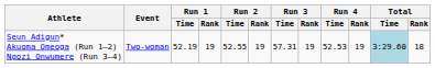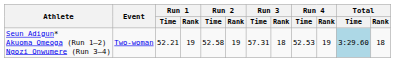 <table class="wikitable" style="font-size:90%">
 <tr>
 <th rowspan="2">Athlete</th>
 <th rowspan="2">Event</th>
 <th colspan="2">Run 1</th>
 <th colspan="2">Run 2</th>
 <th colspan="2">Run 3</th>
 <th colspan="2">Run 4</th>
 <th colspan="2">Total</th>
 </tr>
 <tr style="font-size:95%">
 <th>Time</th>
 <th>Rank</th>
 <th>Time</th>
 <th>Rank</th>
 <th>Time</th>
 <th>Rank</th>
 <th>Time</th>
 <th>Rank</th>
 <th>Time</th>
 <th>Rank</th>
 </tr>
 <tr align=center>
 <td align=left><a href='#'>Seun Adigun</a>*<br><a href='#'>Akuoma Omeoga</a> (Run 1–2)<br><a href='#'>Ngozi Onwumere</a> (Run 3–4)</td>
 <td align=left><a href='#'>Two-woman</a></td>
-<td>52.19</td>
+<td>52.21</td>
 <td>19</td>
-<td>52.55</td>
+<td>52.58</td>
 <td>19</td>
 <td>57.31</td>
-<td>19</td>
+<td>18</td>
 <td>52.53</td>
 <td>19</td>
 <td style="background: lightblue;">3:29.60</td>
 <td>18</td>
 </tr>
 </table>
